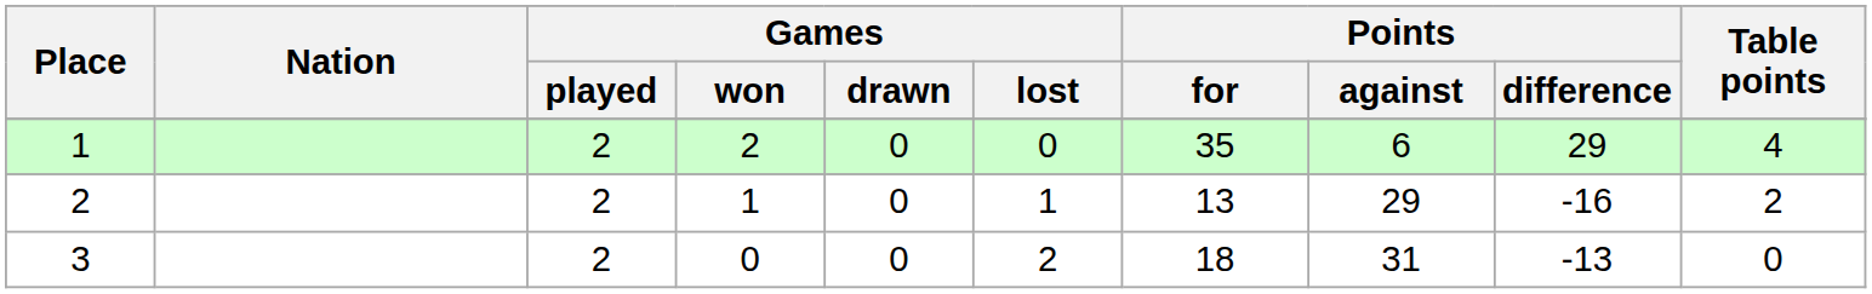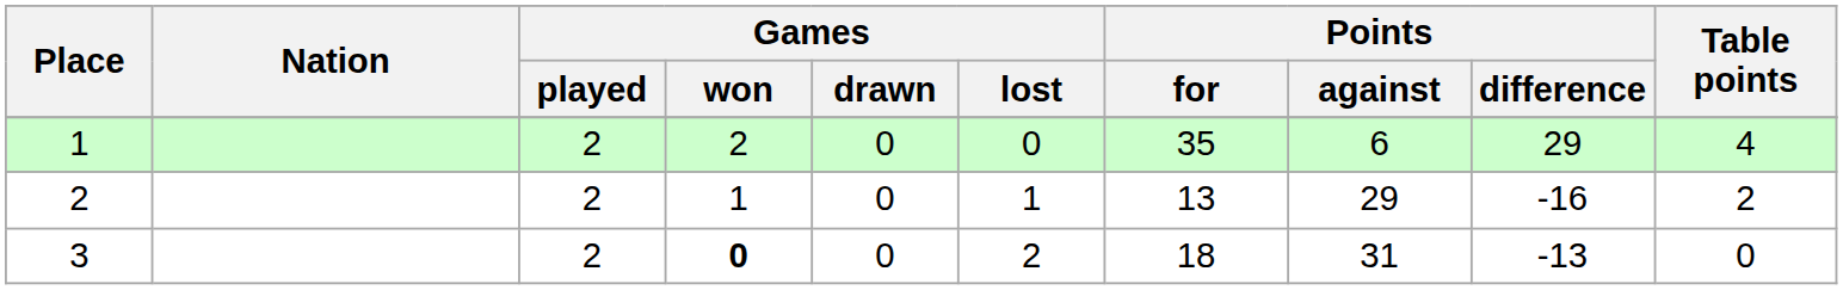 <table class="wikitable">
 <tr>
 <th rowspan=2 width="8%">Place</th>
 <th rowspan=2 width="20%">Nation</th>
 <th colspan=4 width="32%">Games</th>
 <th colspan=3 width="30%">Points</th>
 <th rowspan=2 width="10%">Table<br>points</th>
 </tr>
 <tr>
 <th width="8%">played</th>
 <th width="8%">won</th>
 <th width="8%">drawn</th>
 <th width="8%">lost</th>
 <th width="10%">for</th>
 <th width="10%">against</th>
 <th width="10%">difference</th>
 </tr>
 <tr>
 </tr>
 <tr bgcolor=#ccffcc align=center>
 <td>1</td>
 <td align=left><strong></strong></td>
 <td>2</td>
 <td>2</td>
 <td>0</td>
 <td>0</td>
 <td>35</td>
 <td>6</td>
 <td>29</td>
 <td>4</td>
 </tr>
 <tr bgcolor=#ffffff align=center>
 <td>2</td>
 <td align=left></td>
 <td>2</td>
 <td>1</td>
 <td>0</td>
 <td>1</td>
 <td>13</td>
 <td>29</td>
 <td>-16</td>
 <td>2</td>
 </tr>
 <tr bgcolor=#ffffff align=center>
 <td>3</td>
 <td align=left></td>
 <td>2</td>
-<td>0</td>
+<td><strong>0</strong></td>
 <td>0</td>
 <td>2</td>
 <td>18</td>
 <td>31</td>
 <td>-13</td>
 <td>0</td>
 </tr>
 </table>
